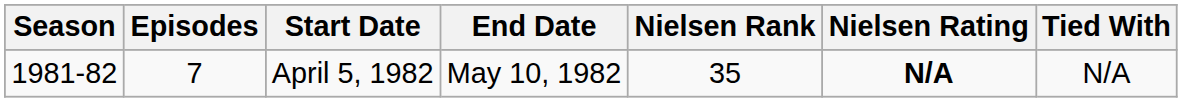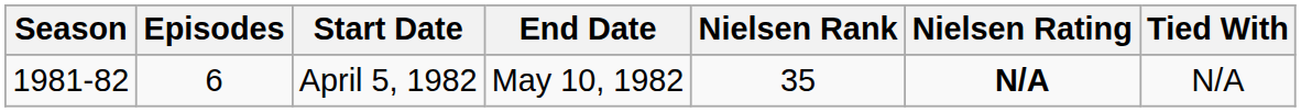 <table class="wikitable" style="text-align: center">
 <tr>
 <th>Season</th>
 <th>Episodes</th>
 <th>Start Date</th>
 <th>End Date</th>
 <th>Nielsen Rank</th>
 <th>Nielsen Rating</th>
 <th>Tied With</th>
 </tr>
 <tr>
 <td style="text-align:center">1981-82</td>
-<td style="text-align:center">7</td>
+<td style="text-align:center">6</td>
 <td style="text-align:center">April 5, 1982</td>
 <td style="text-align:center">May 10, 1982</td>
 <td style="text-align:center:">35</td>
 <td style="text-align:center"><strong>N/A</strong></td>
 <td style="text-align:center">N/A</td>
 </tr>
 </table>
